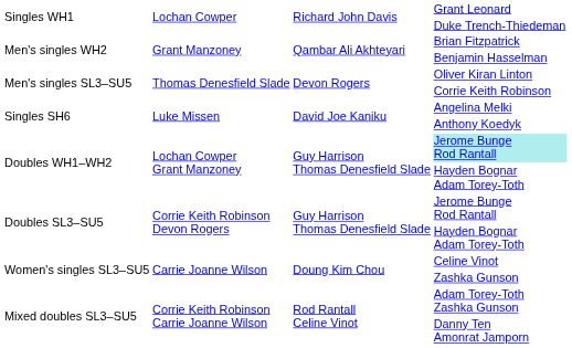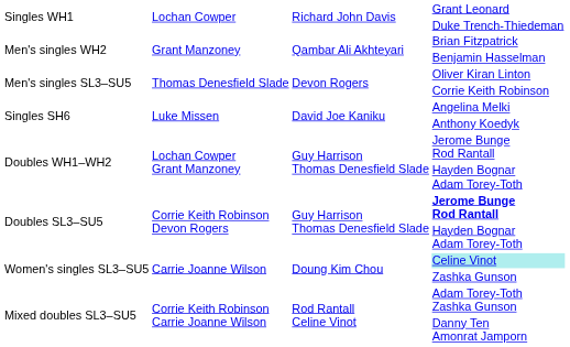 <table>
 <tr>
 <td rowspan="2">Singles WH1</td>
 <td rowspan="2"> <a href='#'>Lochan Cowper</a></td>
 <td rowspan="2"> <a href='#'>Richard John Davis</a></td>
 <td> <a href='#'>Grant Leonard</a></td>
 </tr>
 <tr>
 <td> <a href='#'>Duke Trench-Thiedeman</a></td>
 </tr>
 <tr>
 <td rowspan="2">Men's singles WH2</td>
 <td rowspan="2"> <a href='#'>Grant Manzoney</a></td>
 <td rowspan="2"> <a href='#'>Qambar Ali Akhteyari</a></td>
 <td> <a href='#'>Brian Fitzpatrick</a></td>
 </tr>
 <tr>
 <td> <a href='#'>Benjamin Hasselman</a></td>
 </tr>
 <tr>
 <td rowspan="2">Men's singles SL3–SU5</td>
 <td rowspan="2"> <a href='#'>Thomas Denesfield Slade</a></td>
 <td rowspan="2"> <a href='#'>Devon Rogers</a></td>
 <td> <a href='#'>Oliver Kiran Linton</a></td>
 </tr>
 <tr>
 <td> <a href='#'>Corrie Keith Robinson</a></td>
 </tr>
 <tr>
 <td rowspan="2">Singles SH6</td>
 <td rowspan="2"> <a href='#'>Luke Missen</a></td>
 <td rowspan="2"> <a href='#'>David Joe Kaniku</a></td>
 <td> <a href='#'>Angelina Melki</a></td>
 </tr>
 <tr>
 <td> <a href='#'>Anthony Koedyk</a></td>
 </tr>
 <tr>
 <td rowspan="2">Doubles WH1–WH2</td>
 <td rowspan="2"> <a href='#'>Lochan Cowper</a> <br> <a href='#'>Grant Manzoney</a></td>
 <td rowspan="2"> <a href='#'>Guy Harrison</a> <br> <a href='#'>Thomas Denesfield Slade</a></td>
-<td style="background: paleturquoise;"> <a href='#'>Jerome Bunge</a><br> <a href='#'>Rod Rantall</a></td>
+<td> <a href='#'>Jerome Bunge</a><br> <a href='#'>Rod Rantall</a></td>
 </tr>
 <tr>
 <td> <a href='#'>Hayden Bognar</a> <br> <a href='#'>Adam Torey-Toth</a></td>
 </tr>
 <tr>
 <td rowspan="2">Doubles SL3–SU5</td>
 <td rowspan="2"> <a href='#'>Corrie Keith Robinson</a> <br> <a href='#'>Devon Rogers</a></td>
 <td rowspan="2"> <a href='#'>Guy Harrison</a> <br> <a href='#'>Thomas Denesfield Slade</a></td>
-<td> <a href='#'>Jerome Bunge</a><br> <a href='#'>Rod Rantall</a></td>
+<td><strong> <a href='#'>Jerome Bunge</a><br> <a href='#'>Rod Rantall</a></strong></td>
 </tr>
 <tr>
 <td> <a href='#'>Hayden Bognar</a> <br> <a href='#'>Adam Torey-Toth</a></td>
 </tr>
 <tr>
 <td rowspan="2">Women's singles SL3–SU5</td>
 <td rowspan="2"> <a href='#'>Carrie Joanne Wilson</a></td>
 <td rowspan="2"> <a href='#'>Doung Kim Chou</a></td>
-<td> <a href='#'>Celine Vinot</a></td>
+<td style="background: paleturquoise;"> <a href='#'>Celine Vinot</a></td>
 </tr>
 <tr>
 <td> <a href='#'>Zashka Gunson</a></td>
 </tr>
 <tr>
 <td rowspan="2">Mixed doubles SL3–SU5</td>
 <td rowspan="2"> <a href='#'>Corrie Keith Robinson</a> <br> <a href='#'>Carrie Joanne Wilson</a></td>
 <td rowspan="2"> <a href='#'>Rod Rantall</a> <br> <a href='#'>Celine Vinot</a></td>
 <td> <a href='#'>Adam Torey-Toth</a><br> <a href='#'>Zashka Gunson</a></td>
 </tr>
 <tr>
 <td> <a href='#'>Danny Ten</a><br> <a href='#'>Amonrat Jamporn</a></td>
 </tr>
 </table>
